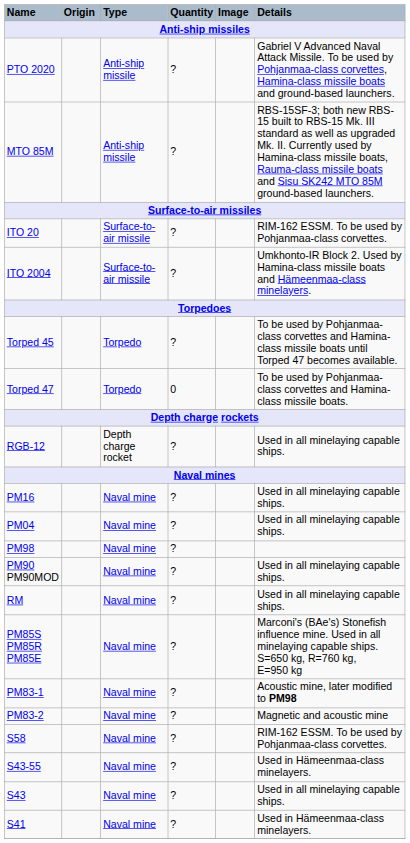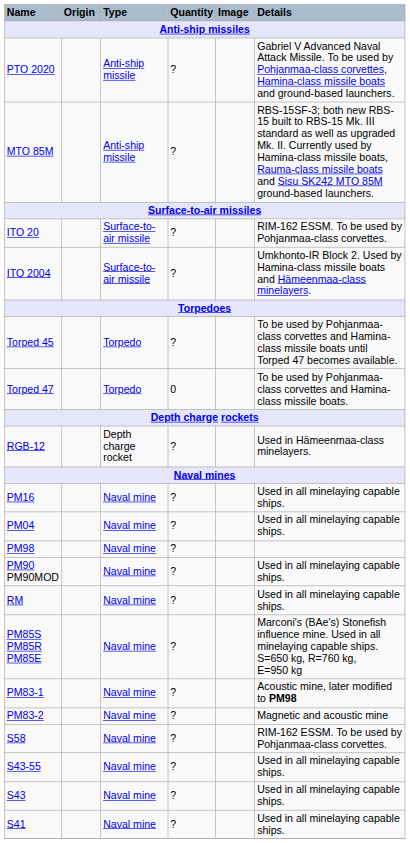 <table class="wikitable">
 <tr>
 <th style="text-align: left; background: #aabccc; width:13%;">Name</th>
 <th style="text-align: left; background: #aabccc; width:10%;">Origin</th>
 <th style="text-align: left; background: #aabccc; width:18%;">Type</th>
 <th style="text-align: left; background: #aabccc; width:7%;">Quantity</th>
 <th style="text-align: left; background: #aabccc;width:10%;">Image</th>
 <th style="text-align: left; background: #aabccc;width:42%;">Details</th>
 </tr>
 <tr>
 <th style="align: center; background: lavender;" colspan="7"><a href='#'>Anti-ship missiles</a></th>
 </tr>
 <tr>
 <td><a href='#'>PTO 2020</a></td>
 <td></td>
 <td><a href='#'>Anti-ship missile</a></td>
 <td>?</td>
 <td></td>
 <td>Gabriel V Advanced Naval Attack Missile. To be used by <a href='#'>Pohjanmaa-class corvettes</a>, <a href='#'>Hamina-class missile boats</a> and ground-based launchers.</td>
 </tr>
 <tr>
 <td><a href='#'>MTO 85M</a></td>
 <td></td>
 <td><a href='#'>Anti-ship missile</a></td>
 <td>?</td>
 <td></td>
 <td>RBS-15SF-3; both new RBS-15 built to RBS-15 Mk. III standard as well as upgraded Mk. II. Currently used by Hamina-class missile boats, <a href='#'>Rauma-class missile boats</a> and <a href='#'>Sisu SK242 MTO 85M</a> ground-based launchers.</td>
 </tr>
 <tr>
 <th style="align: center; background: lavender;" colspan="7"><a href='#'>Surface-to-air missiles</a></th>
 </tr>
 <tr>
 <td><a href='#'>ITO 20</a></td>
 <td></td>
 <td><a href='#'>Surface-to-air missile</a></td>
 <td>?</td>
 <td></td>
 <td>RIM-162 ESSM. To be used by Pohjanmaa-class corvettes.</td>
 </tr>
 <tr>
 <td><a href='#'>ITO 2004</a></td>
 <td></td>
 <td><a href='#'>Surface-to-air missile</a></td>
 <td>?</td>
 <td></td>
 <td>Umkhonto-IR Block 2. Used by Hamina-class missile boats and <a href='#'>Hämeenmaa-class minelayers</a>.</td>
 </tr>
 <tr>
 <th style="align: center; background: lavender;" colspan="7"><a href='#'>Torpedoes</a></th>
 </tr>
 <tr>
 <td><a href='#'>Torped 45</a></td>
 <td></td>
 <td><a href='#'>Torpedo</a></td>
 <td>?</td>
 <td></td>
 <td>To be used by Pohjanmaa-class corvettes and Hamina-class missile boats until Torped 47 becomes available.</td>
 </tr>
 <tr>
 <td><a href='#'>Torped 47</a></td>
 <td></td>
 <td><a href='#'>Torpedo</a></td>
 <td>0</td>
 <td></td>
 <td>To be used by Pohjanmaa-class corvettes and Hamina-class missile boats.</td>
 </tr>
 <tr>
 <th style="align: center; background: lavender;" colspan="7"><a href='#'>Depth charge</a> <a href='#'>rockets</a></th>
 </tr>
 <tr>
 <td><a href='#'>RGB-12</a></td>
 <td></td>
 <td>Depth charge rocket</td>
 <td>?</td>
 <td></td>
-<td>Used in all minelaying capable ships.</td>
+<td>Used in Hämeenmaa-class minelayers.</td>
 </tr>
 <tr>
 <th style="align: center; background: lavender;" colspan="7"><a href='#'>Naval mines</a></th>
 </tr>
 <tr>
 <td><a href='#'>PM16</a></td>
 <td></td>
 <td><a href='#'>Naval mine</a></td>
 <td>?</td>
 <td></td>
 <td>Used in all minelaying capable ships.</td>
 </tr>
 <tr>
 <td><a href='#'>PM04</a></td>
 <td></td>
 <td><a href='#'>Naval mine</a></td>
 <td>?</td>
 <td></td>
 <td>Used in all minelaying capable ships.</td>
 </tr>
 <tr>
 <td><a href='#'>PM98</a></td>
 <td></td>
 <td><a href='#'>Naval mine</a></td>
 <td>?</td>
 <td></td>
 <td></td>
 </tr>
 <tr>
 <td><a href='#'>PM90</a><br>PM90MOD</td>
 <td></td>
 <td><a href='#'>Naval mine</a></td>
 <td>?</td>
 <td></td>
 <td>Used in all minelaying capable ships.</td>
 </tr>
 <tr>
 <td><a href='#'>RM</a></td>
 <td></td>
 <td><a href='#'>Naval mine</a></td>
 <td>?</td>
 <td></td>
 <td>Used in all minelaying capable ships.</td>
 </tr>
 <tr>
 <td><a href='#'>PM85S</a><br><a href='#'>PM85R</a><br><a href='#'>PM85E</a></td>
 <td></td>
 <td><a href='#'>Naval mine</a></td>
 <td>?</td>
 <td></td>
 <td>Marconi's (BAe's) Stonefish influence mine. Used in all minelaying capable ships. S=650 kg, R=760 kg, E=950 kg</td>
 </tr>
 <tr>
 <td><a href='#'>PM83-1</a></td>
 <td></td>
 <td><a href='#'>Naval mine</a></td>
 <td>?</td>
 <td></td>
 <td>Acoustic mine, later modified to <strong>PM98</strong></td>
 </tr>
 <tr>
 <td><a href='#'>PM83-2</a></td>
 <td></td>
 <td><a href='#'>Naval mine</a></td>
 <td>?</td>
 <td></td>
 <td>Magnetic and acoustic mine</td>
 </tr>
 <tr>
 <td><a href='#'>S58</a></td>
 <td></td>
 <td><a href='#'>Naval mine</a></td>
 <td>?</td>
 <td></td>
 <td>RIM-162 ESSM. To be used by Pohjanmaa-class corvettes.</td>
 </tr>
 <tr>
 <td><a href='#'>S43-55</a></td>
 <td></td>
 <td><a href='#'>Naval mine</a></td>
 <td>?</td>
 <td></td>
-<td>Used in Hämeenmaa-class minelayers.</td>
+<td>Used in all minelaying capable ships.</td>
 </tr>
 <tr>
 <td><a href='#'>S43</a></td>
 <td></td>
 <td><a href='#'>Naval mine</a></td>
 <td>?</td>
 <td></td>
 <td>Used in all minelaying capable ships.</td>
 </tr>
 <tr>
 <td><a href='#'>S41</a></td>
 <td></td>
 <td><a href='#'>Naval mine</a></td>
 <td>?</td>
 <td></td>
-<td>Used in Hämeenmaa-class minelayers.</td>
+<td>Used in all minelaying capable ships.</td>
 </tr>
 <tr>
 </tr>
 </table>
